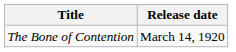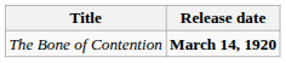 <table class="wikitable">
 <tr>
 <th>Title</th>
 <th>Release date</th>
 </tr>
 <tr>
 <td><em>The Bone of Contention</em></td>
-<td>March 14, 1920</td>
+<td><strong>March 14, 1920</strong></td>
 </tr>
 </table>
